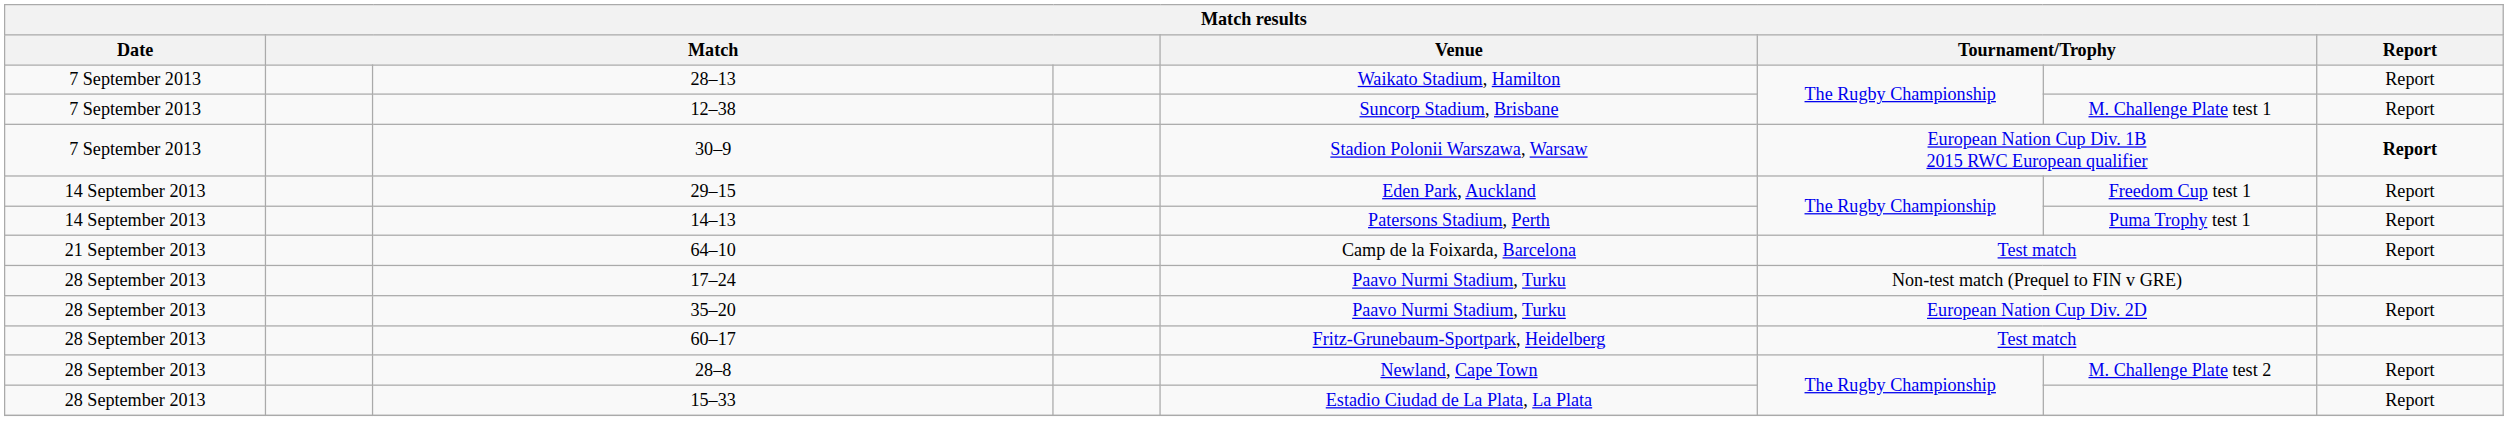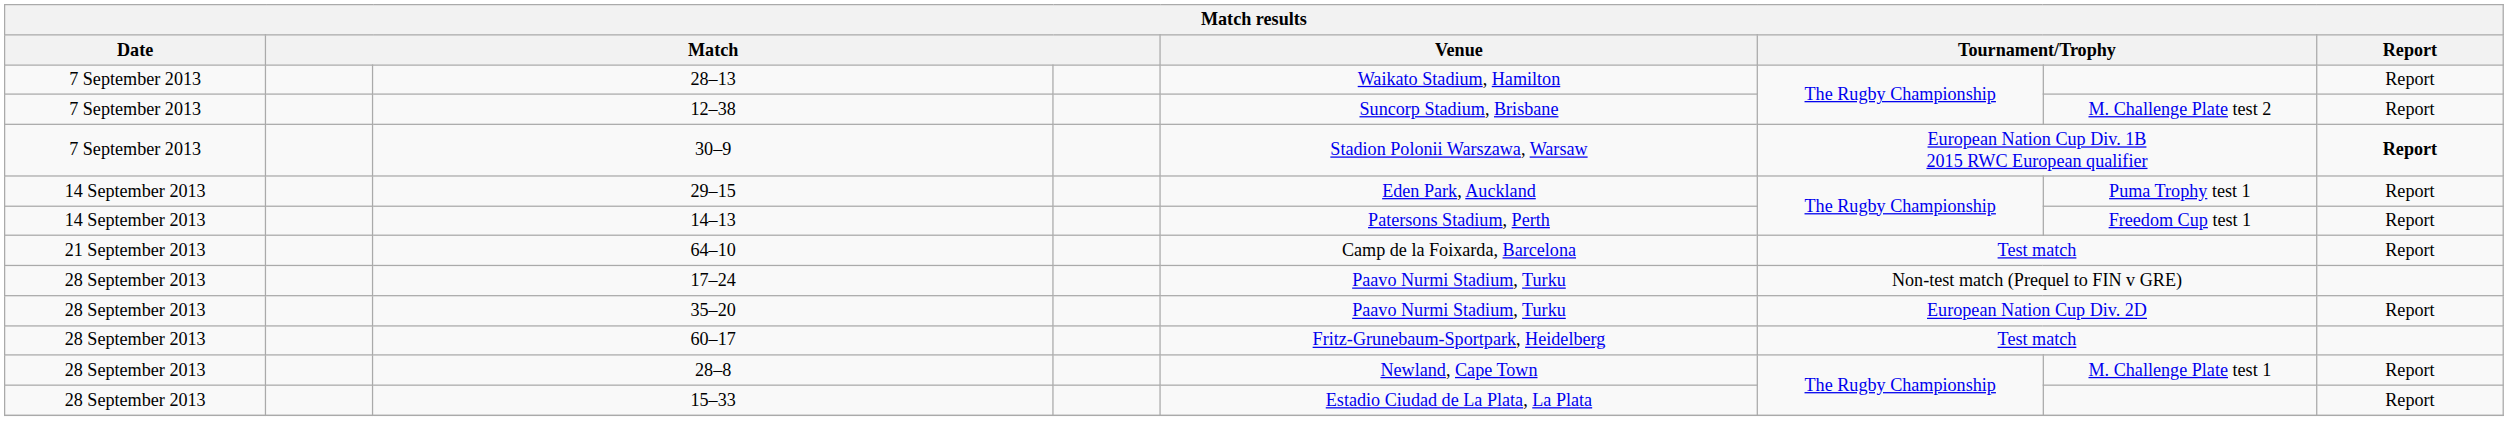 <table class="wikitable" style="font-size:90%; width:100%; text-align: center;">
 <tr>
 <th colspan=8>Match results</th>
 </tr>
 <tr>
 <th width=7%>Date</th>
 <th width=24% colspan=3>Match</th>
 <th width=16%>Venue</th>
 <th width=15% colspan=2>Tournament/Trophy</th>
 <th width=5%>Report</th>
 </tr>
 <tr>
 <td>7 September 2013</td>
 <td align=right></td>
 <td>28–13</td>
 <td align=left></td>
 <td><a href='#'>Waikato Stadium</a>, <a href='#'>Hamilton</a></td>
 <td rowspan=2><a href='#'>The Rugby Championship</a></td>
 <td></td>
 <td>Report</td>
 </tr>
 <tr>
 <td>7 September 2013</td>
 <td align=right></td>
 <td>12–38</td>
 <td align=left></td>
 <td><a href='#'>Suncorp Stadium</a>, <a href='#'>Brisbane</a></td>
-<td><a href='#'>M. Challenge Plate</a> test 1</td>
+<td><a href='#'>M. Challenge Plate</a> test 2</td>
 <td>Report</td>
 </tr>
 <tr>
 <td>7 September 2013</td>
 <td align=right></td>
 <td>30–9</td>
 <td align=left></td>
 <td><a href='#'>Stadion Polonii Warszawa</a>, <a href='#'>Warsaw</a></td>
 <td colspan=2><a href='#'>European Nation Cup Div. 1B</a><br><a href='#'>2015 RWC European qualifier</a></td>
 <td><strong>Report</strong></td>
 </tr>
 <tr>
 <td>14 September 2013</td>
 <td align=right></td>
 <td>29–15</td>
 <td align=left></td>
 <td><a href='#'>Eden Park</a>, <a href='#'>Auckland</a></td>
 <td rowspan=2><a href='#'>The Rugby Championship</a></td>
-<td><a href='#'>Freedom Cup</a> test 1</td>
+<td><a href='#'>Puma Trophy</a> test 1</td>
 <td>Report</td>
 </tr>
 <tr>
 <td>14 September 2013</td>
 <td align=right></td>
 <td>14–13</td>
 <td align=left></td>
 <td><a href='#'>Patersons Stadium</a>, <a href='#'>Perth</a></td>
-<td><a href='#'>Puma Trophy</a> test 1</td>
+<td><a href='#'>Freedom Cup</a> test 1</td>
 <td>Report</td>
 </tr>
 <tr>
 <td>21 September 2013</td>
 <td align=right></td>
 <td>64–10</td>
 <td align=left></td>
 <td>Camp de la Foixarda, <a href='#'>Barcelona</a></td>
 <td colspan=2><a href='#'>Test match</a></td>
 <td>Report</td>
 </tr>
 <tr>
 <td>28 September 2013</td>
 <td align=right></td>
 <td>17–24</td>
 <td align=left></td>
 <td><a href='#'>Paavo Nurmi Stadium</a>, <a href='#'>Turku</a></td>
 <td colspan=2>Non-test match (Prequel to FIN v GRE)</td>
 <td></td>
 </tr>
 <tr>
 <td>28 September 2013</td>
 <td align=right></td>
 <td>35–20</td>
 <td align=left></td>
 <td><a href='#'>Paavo Nurmi Stadium</a>, <a href='#'>Turku</a></td>
 <td colspan=2><a href='#'>European Nation Cup Div. 2D</a></td>
 <td>Report</td>
 </tr>
 <tr>
 <td>28 September 2013</td>
 <td align=right></td>
 <td>60–17</td>
 <td align=left></td>
 <td><a href='#'>Fritz-Grunebaum-Sportpark</a>, <a href='#'>Heidelberg</a></td>
 <td colspan=2><a href='#'>Test match</a></td>
 <td></td>
 </tr>
 <tr>
 <td>28 September 2013</td>
 <td align=right></td>
 <td>28–8</td>
 <td align=left></td>
 <td><a href='#'>Newland</a>, <a href='#'>Cape Town</a></td>
 <td rowspan=2><a href='#'>The Rugby Championship</a></td>
-<td><a href='#'>M. Challenge Plate</a> test 2</td>
+<td><a href='#'>M. Challenge Plate</a> test 1</td>
 <td>Report</td>
 </tr>
 <tr>
 <td>28 September 2013</td>
 <td align=right></td>
 <td>15–33</td>
 <td align=left></td>
 <td><a href='#'>Estadio Ciudad de La Plata</a>, <a href='#'>La Plata</a></td>
 <td></td>
 <td>Report</td>
 </tr>
 <tr>
 </tr>
 </table>
